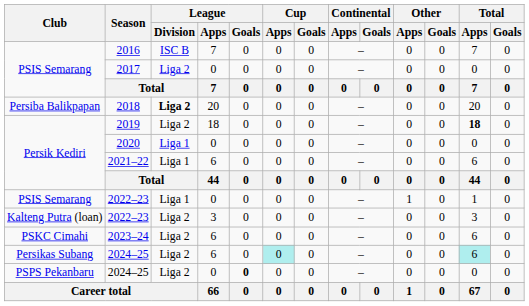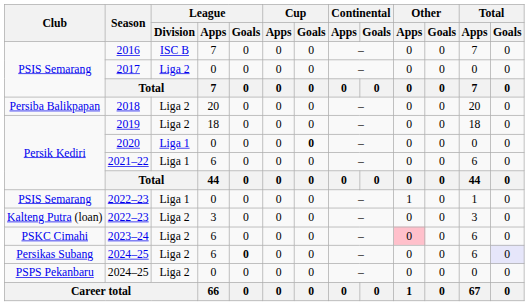 <table class="wikitable" style="text-align:center">
 <tr>
 <th rowspan="2">Club</th>
 <th rowspan="2">Season</th>
 <th colspan="3">League</th>
 <th colspan="2">Cup</th>
 <th colspan="2">Continental</th>
 <th colspan="2">Other</th>
 <th colspan="2">Total</th>
 </tr>
 <tr>
 <th>Division</th>
 <th>Apps</th>
 <th>Goals</th>
 <th>Apps</th>
 <th>Goals</th>
 <th>Apps</th>
 <th>Goals</th>
 <th>Apps</th>
 <th>Goals</th>
 <th>Apps</th>
 <th>Goals</th>
 </tr>
 <tr>
 <td rowspan="3" valign="center"><a href='#'>PSIS Semarang</a></td>
 <td><a href='#'>2016</a></td>
 <td rowspan="1" valign="center"><a href='#'>ISC B</a></td>
 <td>7</td>
 <td>0</td>
 <td>0</td>
 <td>0</td>
 <td colspan="2">–</td>
 <td>0</td>
 <td>0</td>
 <td>7</td>
 <td>0</td>
 </tr>
 <tr>
 <td><a href='#'>2017</a></td>
 <td rowspan="1" valign="center"><a href='#'>Liga 2</a></td>
 <td>0</td>
 <td>0</td>
 <td>0</td>
 <td>0</td>
 <td colspan="2">–</td>
 <td>0</td>
 <td>0</td>
 <td>0</td>
 <td>0</td>
 </tr>
 <tr>
 <th colspan="2">Total</th>
 <th>7</th>
 <th>0</th>
 <th>0</th>
 <th>0</th>
 <th>0</th>
 <th>0</th>
 <th>0</th>
 <th>0</th>
 <th>7</th>
 <th>0</th>
 </tr>
 <tr>
 <td rowspan="1" valign="center"><a href='#'>Persiba Balikpapan</a></td>
 <td><a href='#'>2018</a></td>
-<td rowspan="1" valign="center"><strong>Liga 2</strong></td>
+<td rowspan="1" valign="center">Liga 2</td>
 <td>20</td>
 <td>0</td>
 <td>0</td>
 <td>0</td>
 <td colspan="2">–</td>
 <td>0</td>
 <td>0</td>
 <td>20</td>
 <td>0</td>
 </tr>
 <tr>
 <td rowspan="4" valign="center"><a href='#'>Persik Kediri</a></td>
 <td><a href='#'>2019</a></td>
 <td>Liga 2</td>
 <td>18</td>
 <td>0</td>
 <td>0</td>
 <td>0</td>
 <td colspan="2">–</td>
 <td>0</td>
 <td>0</td>
-<td><strong>18</strong></td>
+<td>18</td>
 <td>0</td>
 </tr>
 <tr>
 <td><a href='#'>2020</a></td>
 <td><a href='#'>Liga 1</a></td>
 <td>0</td>
 <td>0</td>
 <td>0</td>
-<td>0</td>
+<td><strong>0</strong></td>
 <td colspan="2">–</td>
 <td>0</td>
 <td>0</td>
 <td>0</td>
 <td>0</td>
 </tr>
 <tr>
 <td><a href='#'>2021–22</a></td>
 <td>Liga 1</td>
 <td>6</td>
 <td>0</td>
 <td>0</td>
 <td>0</td>
 <td colspan="2">–</td>
 <td>0</td>
 <td>0</td>
 <td>6</td>
 <td>0</td>
 </tr>
 <tr>
 <th colspan="2">Total</th>
 <th>44</th>
 <th>0</th>
 <th>0</th>
 <th>0</th>
 <th>0</th>
 <th>0</th>
 <th>0</th>
 <th>0</th>
 <th>44</th>
 <th>0</th>
 </tr>
 <tr>
 <td><a href='#'>PSIS Semarang</a></td>
 <td><a href='#'>2022–23</a></td>
 <td>Liga 1</td>
 <td>0</td>
 <td>0</td>
 <td>0</td>
 <td>0</td>
 <td colspan="2">–</td>
 <td>1</td>
 <td>0</td>
 <td>1</td>
 <td>0</td>
 </tr>
 <tr>
 <td><a href='#'>Kalteng Putra</a> (loan)</td>
 <td><a href='#'>2022–23</a></td>
 <td>Liga 2</td>
 <td>3</td>
 <td>0</td>
 <td>0</td>
 <td>0</td>
 <td colspan="2">–</td>
 <td>0</td>
 <td>0</td>
 <td>3</td>
 <td>0</td>
 </tr>
 <tr>
 <td><a href='#'>PSKC Cimahi</a></td>
 <td><a href='#'>2023–24</a></td>
 <td>Liga 2</td>
 <td>6</td>
 <td>0</td>
 <td>0</td>
 <td>0</td>
 <td colspan="2">–</td>
-<td>0</td>
+<td style="background: pink;">0</td>
 <td>0</td>
 <td>6</td>
 <td>0</td>
 </tr>
 <tr>
 <td><a href='#'>Persikas Subang</a></td>
 <td><a href='#'>2024–25</a></td>
 <td>Liga 2</td>
 <td>6</td>
+<td><strong>0</strong></td>
 <td>0</td>
-<td style="background: paleturquoise;">0</td>
 <td>0</td>
 <td colspan="2">–</td>
 <td>0</td>
 <td>0</td>
-<td style="background: paleturquoise;">6</td>
-<td>0</td>
+<td>6</td>
+<td style="background: lavender;">0</td>
 </tr>
 <tr>
 <td><a href='#'>PSPS Pekanbaru</a></td>
 <td>2024–25</td>
 <td>Liga 2</td>
 <td>0</td>
-<td><strong>0</strong></td>
+<td>0</td>
 <td>0</td>
 <td>0</td>
 <td colspan="2">–</td>
 <td>0</td>
 <td>0</td>
 <td>0</td>
 <td>0</td>
 </tr>
 <tr>
 <th colspan="3">Career total</th>
 <th>66</th>
 <th>0</th>
 <th>0</th>
 <th>0</th>
 <th>0</th>
 <th>0</th>
 <th>1</th>
 <th>0</th>
 <th>67</th>
 <th>0</th>
 </tr>
 </table>
